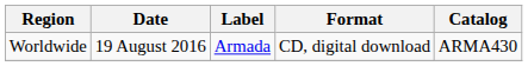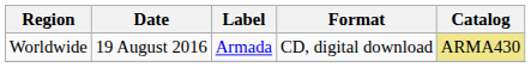 <table class=wikitable>
 <tr>
 <th>Region</th>
 <th>Date</th>
 <th>Label</th>
 <th>Format</th>
 <th>Catalog</th>
 </tr>
 <tr>
 <td>Worldwide</td>
 <td>19 August 2016</td>
 <td><a href='#'>Armada</a></td>
 <td>CD, digital download</td>
-<td>ARMA430</td>
+<td style="background: khaki;">ARMA430</td>
 </tr>
 <tr>
 </tr>
 </table>
